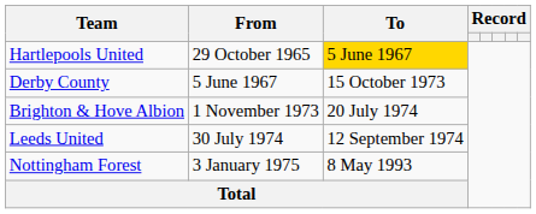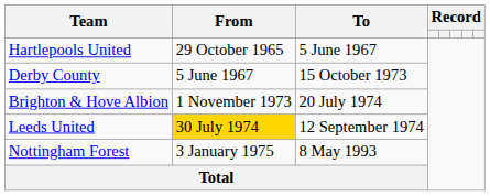 <table class=wikitable style="text-align: center;">
 <tr>
 <th rowspan=2>Team</th>
 <th rowspan=2>From</th>
 <th rowspan=2>To</th>
 <th colspan=5>Record</th>
 </tr>
 <tr>
 <th></th>
 <th></th>
 <th></th>
 <th></th>
 <th></th>
 </tr>
 <tr>
 <td align=left><a href='#'>Hartlepools United</a></td>
 <td align=left>29 October 1965</td>
-<td align=left style="background: gold;">5 June 1967<br></td>
+<td align=left>5 June 1967<br></td>
 </tr>
 <tr>
 <td align=left><a href='#'>Derby County</a></td>
 <td align=left>5 June 1967</td>
 <td align=left>15 October 1973<br></td>
 </tr>
 <tr>
 <td align=left><a href='#'>Brighton & Hove Albion</a></td>
 <td align=left>1 November 1973</td>
 <td align=left>20 July 1974<br></td>
 </tr>
 <tr>
 <td align=left><a href='#'>Leeds United</a></td>
-<td align=left>30 July 1974</td>
+<td align=left style="background: gold;">30 July 1974</td>
 <td align=left>12 September 1974<br></td>
 </tr>
 <tr>
 <td align=left><a href='#'>Nottingham Forest</a></td>
 <td align=left>3 January 1975</td>
 <td align=left>8 May 1993<br></td>
 </tr>
 <tr>
 <th colspan=3>Total<br></th>
 </tr>
 </table>
